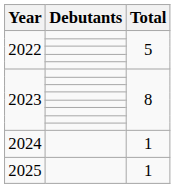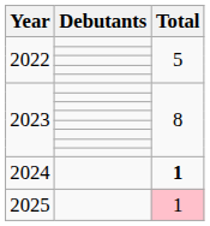 <table class="wikitable">
 <tr>
 <th>Year</th>
 <th>Debutants</th>
 <th>Total</th>
 </tr>
 <tr>
 <td rowspan=5>2022</td>
 <td></td>
 <td rowspan=5 align=center>5</td>
 </tr>
 <tr>
 <td></td>
 </tr>
 <tr>
 <td></td>
 </tr>
 <tr>
 <td></td>
 </tr>
 <tr>
 <td></td>
 </tr>
 <tr>
 <td rowspan=8>2023</td>
 <td></td>
 <td rowspan=8 align=center>8</td>
 </tr>
 <tr>
 <td></td>
 </tr>
 <tr>
 <td></td>
 </tr>
 <tr>
 <td></td>
 </tr>
 <tr>
 <td></td>
 </tr>
 <tr>
 <td></td>
 </tr>
 <tr>
 <td></td>
 </tr>
 <tr>
 <td></td>
 </tr>
 <tr>
 <td>2024</td>
 <td></td>
-<td align=center>1</td>
+<td align=center><strong>1</strong></td>
 </tr>
 <tr>
 <td>2025</td>
 <td></td>
-<td align=center>1</td>
+<td align=center style="background: pink;">1</td>
 </tr>
 </table>
